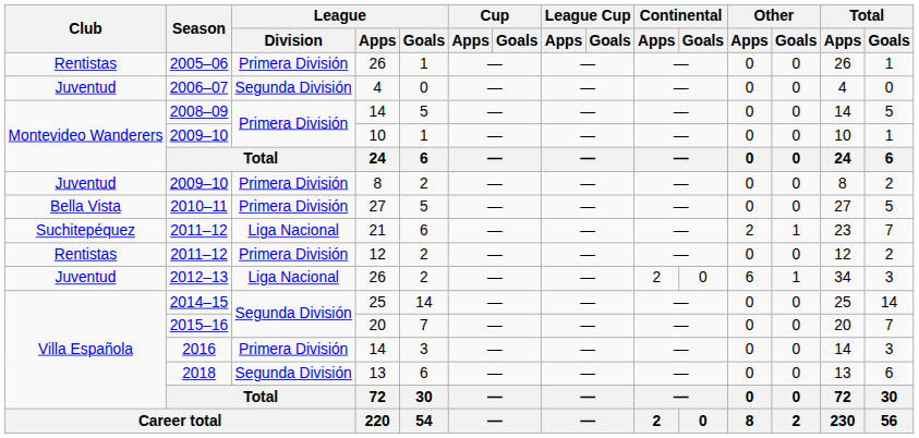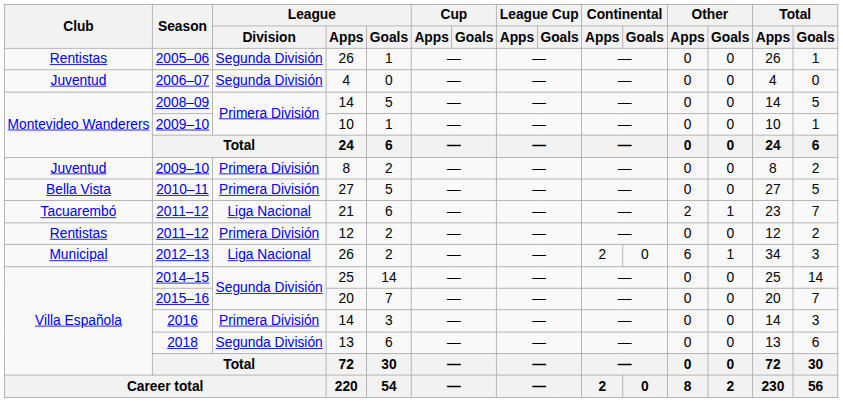 <table class="wikitable" style="text-align:center">
 <tr>
 <th rowspan="2">Club</th>
 <th rowspan="2">Season</th>
 <th colspan="3">League</th>
 <th colspan="2">Cup</th>
 <th colspan="2">League Cup</th>
 <th colspan="2">Continental</th>
 <th colspan="2">Other</th>
 <th colspan="2">Total</th>
 </tr>
 <tr>
 <th>Division</th>
 <th>Apps</th>
 <th>Goals</th>
 <th>Apps</th>
 <th>Goals</th>
 <th>Apps</th>
 <th>Goals</th>
 <th>Apps</th>
 <th>Goals</th>
 <th>Apps</th>
 <th>Goals</th>
 <th>Apps</th>
 <th>Goals</th>
 </tr>
 <tr>
 <td rowspan="1"><a href='#'>Rentistas</a></td>
 <td><a href='#'>2005–06</a></td>
-<td rowspan="1"><a href='#'>Primera División</a></td>
+<td rowspan="1"><a href='#'>Segunda División</a></td>
 <td>26</td>
 <td>1</td>
 <td colspan="2">—</td>
 <td colspan="2">—</td>
 <td colspan="2">—</td>
 <td>0</td>
 <td>0</td>
 <td>26</td>
 <td>1</td>
 </tr>
 <tr>
 <td rowspan="1"><a href='#'>Juventud</a></td>
 <td><a href='#'>2006–07</a></td>
 <td rowspan="1"><a href='#'>Segunda División</a></td>
 <td>4</td>
 <td>0</td>
 <td colspan="2">—</td>
 <td colspan="2">—</td>
 <td colspan="2">—</td>
 <td>0</td>
 <td>0</td>
 <td>4</td>
 <td>0</td>
 </tr>
 <tr>
 <td rowspan="3"><a href='#'>Montevideo Wanderers</a></td>
 <td><a href='#'>2008–09</a></td>
 <td rowspan="2"><a href='#'>Primera División</a></td>
 <td>14</td>
 <td>5</td>
 <td colspan="2">—</td>
 <td colspan="2">—</td>
 <td colspan="2">—</td>
 <td>0</td>
 <td>0</td>
 <td>14</td>
 <td>5</td>
 </tr>
 <tr>
 <td><a href='#'>2009–10</a></td>
 <td>10</td>
 <td>1</td>
 <td colspan="2">—</td>
 <td colspan="2">—</td>
 <td colspan="2">—</td>
 <td>0</td>
 <td>0</td>
 <td>10</td>
 <td>1</td>
 </tr>
 <tr>
 <th colspan="2">Total</th>
 <th>24</th>
 <th>6</th>
 <th colspan="2">—</th>
 <th colspan="2">—</th>
 <th colspan="2">—</th>
 <th>0</th>
 <th>0</th>
 <th>24</th>
 <th>6</th>
 </tr>
 <tr>
 <td rowspan="1"><a href='#'>Juventud</a></td>
 <td><a href='#'>2009–10</a></td>
 <td rowspan="1"><a href='#'>Primera División</a></td>
 <td>8</td>
 <td>2</td>
 <td colspan="2">—</td>
 <td colspan="2">—</td>
 <td colspan="2">—</td>
 <td>0</td>
 <td>0</td>
 <td>8</td>
 <td>2</td>
 </tr>
 <tr>
 <td rowspan="1"><a href='#'>Bella Vista</a></td>
 <td><a href='#'>2010–11</a></td>
 <td rowspan="1"><a href='#'>Primera División</a></td>
 <td>27</td>
 <td>5</td>
 <td colspan="2">—</td>
 <td colspan="2">—</td>
 <td colspan="2">—</td>
 <td>0</td>
 <td>0</td>
 <td>27</td>
 <td>5</td>
 </tr>
 <tr>
-<td rowspan="1"><a href='#'>Suchitepéquez</a></td>
+<td rowspan="1"><a href='#'>Tacuarembó</a></td>
 <td><a href='#'>2011–12</a></td>
 <td rowspan="1"><a href='#'>Liga Nacional</a></td>
 <td>21</td>
 <td>6</td>
 <td colspan="2">—</td>
 <td colspan="2">—</td>
 <td colspan="2">—</td>
 <td>2</td>
 <td>1</td>
 <td>23</td>
 <td>7</td>
 </tr>
 <tr>
 <td rowspan="1"><a href='#'>Rentistas</a></td>
 <td><a href='#'>2011–12</a></td>
 <td rowspan="1"><a href='#'>Primera División</a></td>
 <td>12</td>
 <td>2</td>
 <td colspan="2">—</td>
 <td colspan="2">—</td>
 <td colspan="2">—</td>
 <td>0</td>
 <td>0</td>
 <td>12</td>
 <td>2</td>
 </tr>
 <tr>
-<td rowspan="1"><a href='#'>Juventud</a></td>
+<td rowspan="1"><a href='#'>Municipal</a></td>
 <td><a href='#'>2012–13</a></td>
 <td rowspan="1"><a href='#'>Liga Nacional</a></td>
 <td>26</td>
 <td>2</td>
 <td colspan="2">—</td>
 <td colspan="2">—</td>
 <td>2</td>
 <td>0</td>
 <td>6</td>
 <td>1</td>
 <td>34</td>
 <td>3</td>
 </tr>
 <tr>
 <td rowspan="5"><a href='#'>Villa Española</a></td>
 <td><a href='#'>2014–15</a></td>
 <td rowspan="2"><a href='#'>Segunda División</a></td>
 <td>25</td>
 <td>14</td>
 <td colspan="2">—</td>
 <td colspan="2">—</td>
 <td colspan="2">—</td>
 <td>0</td>
 <td>0</td>
 <td>25</td>
 <td>14</td>
 </tr>
 <tr>
 <td><a href='#'>2015–16</a></td>
 <td>20</td>
 <td>7</td>
 <td colspan="2">—</td>
 <td colspan="2">—</td>
 <td colspan="2">—</td>
 <td>0</td>
 <td>0</td>
 <td>20</td>
 <td>7</td>
 </tr>
 <tr>
 <td><a href='#'>2016</a></td>
 <td rowspan="1"><a href='#'>Primera División</a></td>
 <td>14</td>
 <td>3</td>
 <td colspan="2">—</td>
 <td colspan="2">—</td>
 <td colspan="2">—</td>
 <td>0</td>
 <td>0</td>
 <td>14</td>
 <td>3</td>
 </tr>
 <tr>
 <td><a href='#'>2018</a></td>
 <td rowspan="1"><a href='#'>Segunda División</a></td>
 <td>13</td>
 <td>6</td>
 <td colspan="2">—</td>
 <td colspan="2">—</td>
 <td colspan="2">—</td>
 <td>0</td>
 <td>0</td>
 <td>13</td>
 <td>6</td>
 </tr>
 <tr>
 <th colspan="2">Total</th>
 <th>72</th>
 <th>30</th>
 <th colspan="2">—</th>
 <th colspan="2">—</th>
 <th colspan="2">—</th>
 <th>0</th>
 <th>0</th>
 <th>72</th>
 <th>30</th>
 </tr>
 <tr>
 <th colspan="3">Career total</th>
 <th>220</th>
 <th>54</th>
 <th colspan="2">—</th>
 <th colspan="2">—</th>
 <th>2</th>
 <th>0</th>
 <th>8</th>
 <th>2</th>
 <th>230</th>
 <th>56</th>
 </tr>
 </table>
